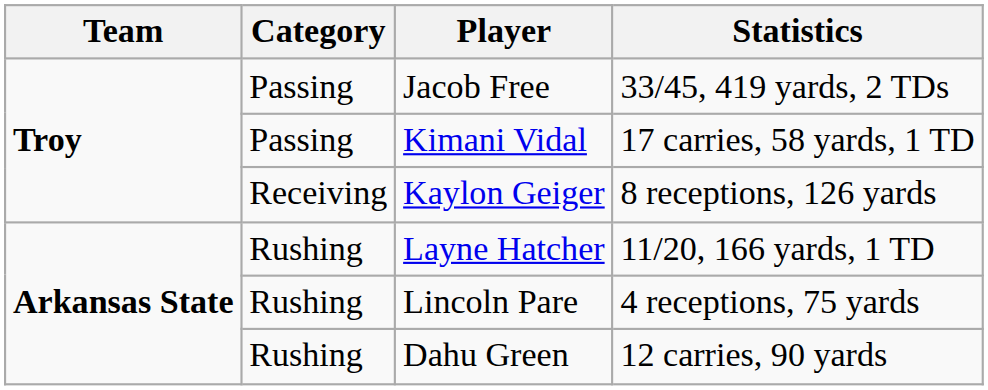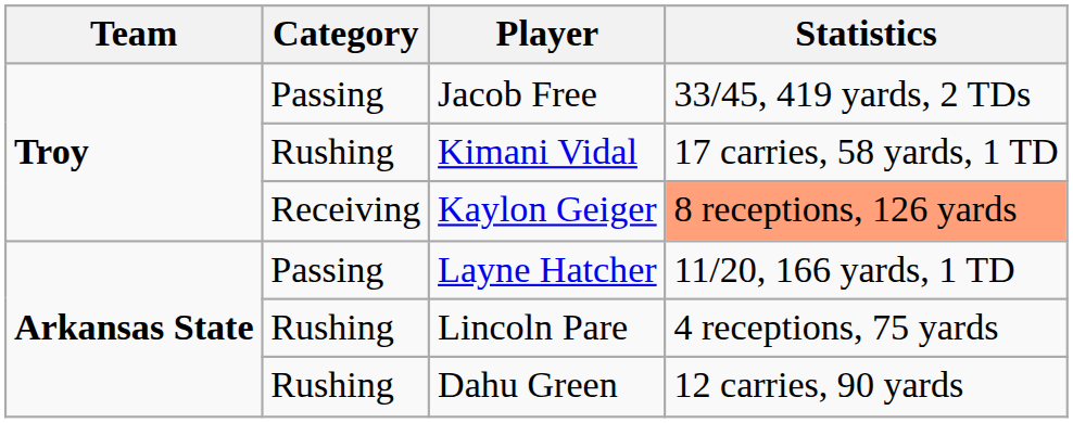 <table class="wikitable" style="float: left;">
 <tr>
 <th>Team</th>
 <th>Category</th>
 <th>Player</th>
 <th>Statistics</th>
 </tr>
 <tr>
 <td rowspan=3><strong>Troy</strong></td>
 <td>Passing</td>
 <td>Jacob Free</td>
 <td>33/45, 419 yards, 2 TDs</td>
 </tr>
 <tr>
-<td>Passing</td>
+<td>Rushing</td>
 <td><a href='#'>Kimani Vidal</a></td>
 <td>17 carries, 58 yards, 1 TD</td>
 </tr>
 <tr>
 <td>Receiving</td>
 <td><a href='#'>Kaylon Geiger</a></td>
-<td>8 receptions, 126 yards</td>
+<td style="background: lightsalmon;">8 receptions, 126 yards</td>
 </tr>
 <tr>
 <td rowspan=3><strong>Arkansas State</strong></td>
-<td>Rushing</td>
+<td>Passing</td>
 <td><a href='#'>Layne Hatcher</a></td>
 <td>11/20, 166 yards, 1 TD</td>
 </tr>
 <tr>
 <td>Rushing</td>
 <td>Lincoln Pare</td>
 <td>4 receptions, 75 yards</td>
 </tr>
 <tr>
 <td>Rushing</td>
 <td>Dahu Green</td>
 <td>12 carries, 90 yards</td>
 </tr>
 </table>
